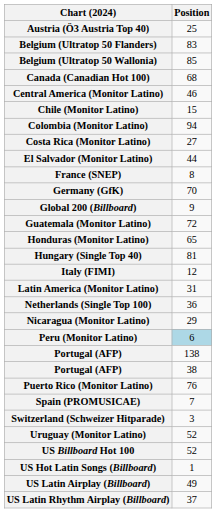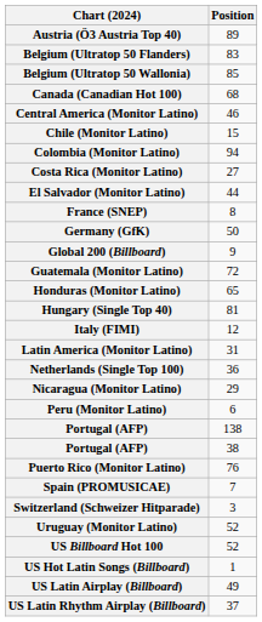 <table class="wikitable sortable plainrowheaders" style="text-align:center">
 <tr>
 <th scope="col">Chart (2024)</th>
 <th scope="col">Position</th>
 </tr>
 <tr>
 <th scope="row">Austria (Ö3 Austria Top 40)</th>
-<td>25</td>
+<td>89</td>
 </tr>
 <tr>
 <th scope="row">Belgium (Ultratop 50 Flanders)</th>
 <td>83</td>
 </tr>
 <tr>
 <th scope="row">Belgium (Ultratop 50 Wallonia)</th>
 <td>85</td>
 </tr>
 <tr>
 <th scope="row">Canada (Canadian Hot 100)</th>
 <td>68</td>
 </tr>
 <tr>
 <th scope="row">Central America (Monitor Latino)</th>
 <td>46</td>
 </tr>
 <tr>
 <th scope="row">Chile (Monitor Latino)</th>
 <td>15</td>
 </tr>
 <tr>
 <th scope="row">Colombia (Monitor Latino)</th>
 <td>94</td>
 </tr>
 <tr>
 <th scope="row">Costa Rica (Monitor Latino)</th>
 <td>27</td>
 </tr>
 <tr>
 <th scope="row">El Salvador (Monitor Latino)</th>
 <td>44</td>
 </tr>
 <tr>
 <th scope="row">France (SNEP)</th>
 <td>8</td>
 </tr>
 <tr>
 <th scope="row">Germany (GfK)</th>
-<td>70</td>
+<td>50</td>
 </tr>
 <tr>
 <th scope="row">Global 200 (<em>Billboard</em>)</th>
 <td>9</td>
 </tr>
 <tr>
 <th scope="row">Guatemala (Monitor Latino)</th>
 <td>72</td>
 </tr>
 <tr>
 <th scope="row">Honduras (Monitor Latino)</th>
 <td>65</td>
 </tr>
 <tr>
 <th scope="row">Hungary (Single Top 40)</th>
 <td>81</td>
 </tr>
 <tr>
 <th scope="row">Italy (FIMI)</th>
 <td>12</td>
 </tr>
 <tr>
 <th scope="row">Latin America (Monitor Latino)</th>
 <td>31</td>
 </tr>
 <tr>
 <th scope="row">Netherlands (Single Top 100)</th>
 <td>36</td>
 </tr>
 <tr>
 <th scope="row">Nicaragua (Monitor Latino)</th>
 <td>29</td>
 </tr>
 <tr>
 <th scope="row">Peru (Monitor Latino)</th>
-<td style="background: lightblue;">6</td>
+<td>6</td>
 </tr>
 <tr>
 <th scope="row">Portugal (AFP)</th>
 <td>138</td>
 </tr>
 <tr>
 <th scope="row">Portugal (AFP)<br></th>
 <td>38</td>
 </tr>
 <tr>
 <th scope="row">Puerto Rico (Monitor Latino)</th>
 <td>76</td>
 </tr>
 <tr>
 <th scope="row">Spain (PROMUSICAE)</th>
 <td>7</td>
 </tr>
 <tr>
 <th scope="row">Switzerland (Schweizer Hitparade)</th>
 <td>3</td>
 </tr>
 <tr>
 <th scope="row">Uruguay (Monitor Latino)</th>
 <td>52</td>
 </tr>
 <tr>
 <th scope="row">US <em>Billboard</em> Hot 100</th>
 <td>52</td>
 </tr>
 <tr>
 <th scope="row">US Hot Latin Songs (<em>Billboard</em>)</th>
 <td>1</td>
 </tr>
 <tr>
 <th scope="row">US Latin Airplay (<em>Billboard</em>)</th>
 <td>49</td>
 </tr>
 <tr>
 <th scope="row">US Latin Rhythm Airplay (<em>Billboard</em>)</th>
 <td>37</td>
 </tr>
 </table>
